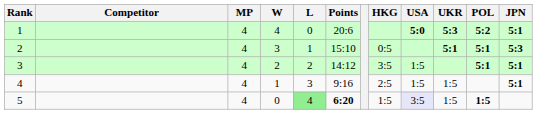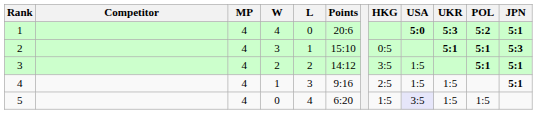 <table class="wikitable" style="text-align:center">
 <tr>
 <th>Rank</th>
 <th style="width:17em">Competitor</th>
 <th style="width:2.5em">MP</th>
 <th style="width:2.5em">W</th>
 <th style="width:2.5em">L</th>
 <th>Points</th>
 <th rowspan="6"> </th>
 <th style="width:2.5em">HKG</th>
 <th style="width:2.5em">USA</th>
 <th style="width:2.5em">UKR</th>
 <th style="width:2.5em">POL</th>
 <th style="width:2.5em">JPN</th>
 </tr>
 <tr style="background:#cfc;">
 <td>1</td>
 <td style="text-align:left"></td>
 <td>4</td>
 <td>4</td>
 <td>0</td>
 <td>20:6</td>
 <td></td>
 <td><strong>5:0</strong></td>
 <td><strong>5:3</strong></td>
 <td><strong>5:2</strong></td>
 <td><strong>5:1</strong></td>
 </tr>
 <tr style="background:#cfc;">
 <td>2</td>
 <td style="text-align:left"></td>
 <td>4</td>
 <td>3</td>
 <td>1</td>
 <td>15:10</td>
 <td>0:5</td>
 <td></td>
 <td><strong>5:1</strong></td>
 <td><strong>5:1</strong></td>
 <td><strong>5:3</strong></td>
 </tr>
 <tr style="background:#cfc;">
 <td>3</td>
 <td style="text-align:left"></td>
 <td>4</td>
 <td>2</td>
 <td>2</td>
 <td>14:12</td>
 <td>3:5</td>
 <td>1:5</td>
 <td></td>
 <td><strong>5:1</strong></td>
 <td><strong>5:1</strong></td>
 </tr>
 <tr>
 <td>4</td>
 <td style="text-align:left"></td>
 <td>4</td>
 <td>1</td>
 <td>3</td>
 <td>9:16</td>
 <td>2:5</td>
 <td>1:5</td>
 <td>1:5</td>
 <td></td>
 <td><strong>5:1</strong></td>
 </tr>
 <tr>
 <td>5</td>
 <td style="text-align:left"></td>
 <td>4</td>
 <td>0</td>
-<td style="background: lightgreen;">4</td>
-<td><strong>6:20</strong></td>
+<td>4</td>
+<td>6:20</td>
 <td>1:5</td>
 <td style="background: lavender;">3:5</td>
 <td>1:5</td>
-<td><strong>1:5</strong></td>
+<td>1:5</td>
 <td></td>
 </tr>
 </table>
